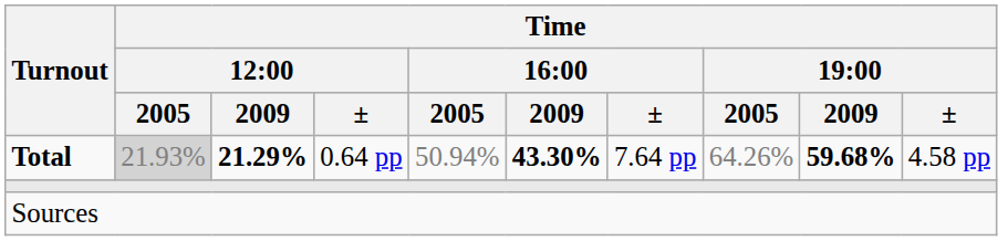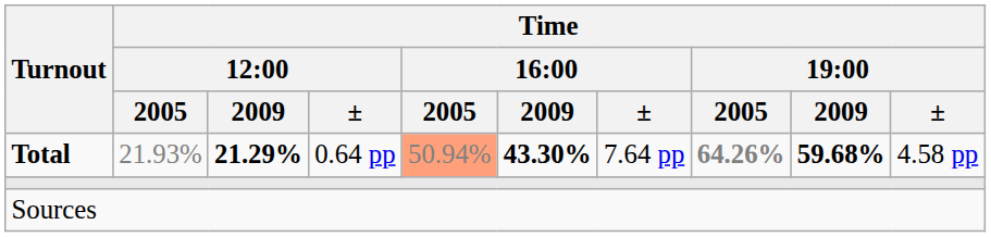 <table class="wikitable sortable" style="text-align:right;">
 <tr>
 <th rowspan="3">Turnout</th>
 <th colspan="9">Time</th>
 </tr>
 <tr>
 <th colspan="3">12:00</th>
 <th colspan="3">16:00</th>
 <th colspan="3">19:00</th>
 </tr>
 <tr>
 <th>2005</th>
 <th>2009</th>
 <th>±</th>
 <th>2005</th>
 <th>2009</th>
 <th>±</th>
 <th>2005</th>
 <th>2009</th>
 <th>±</th>
 </tr>
 <tr>
 <td align="left"><strong>Total</strong></td>
-<td style="background: lightgrey; color:gray;">21.93%</td>
+<td style="color:gray;">21.93%</td>
 <td><strong>21.29%</strong></td>
 <td> 0.64 <a href='#'>pp</a></td>
-<td style="color:gray;">50.94%</td>
+<td style="background: lightsalmon; color:gray;">50.94%</td>
 <td><strong>43.30%</strong></td>
 <td> 7.64 <a href='#'>pp</a></td>
-<td style="color:gray;">64.26%</td>
+<td style="color:gray;"><strong>64.26%</strong></td>
 <td><strong>59.68%</strong></td>
 <td> 4.58 <a href='#'>pp</a></td>
 </tr>
 <tr>
 <td colspan="10" bgcolor="#E9E9E9"></td>
 </tr>
 <tr>
 <td align="left" colspan="10">Sources</td>
 </tr>
 </table>
